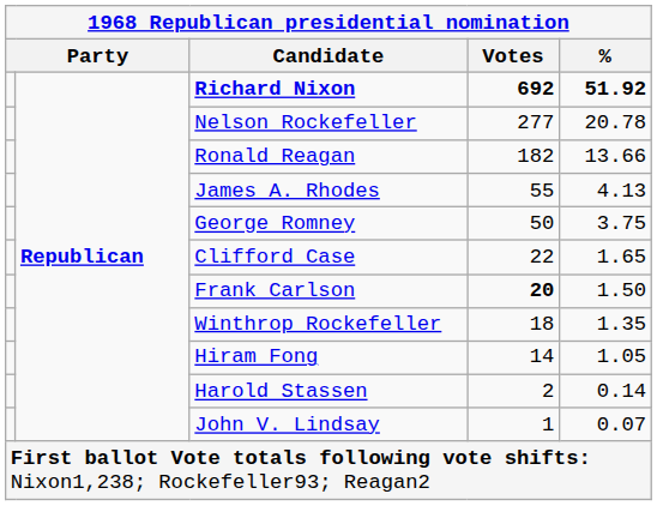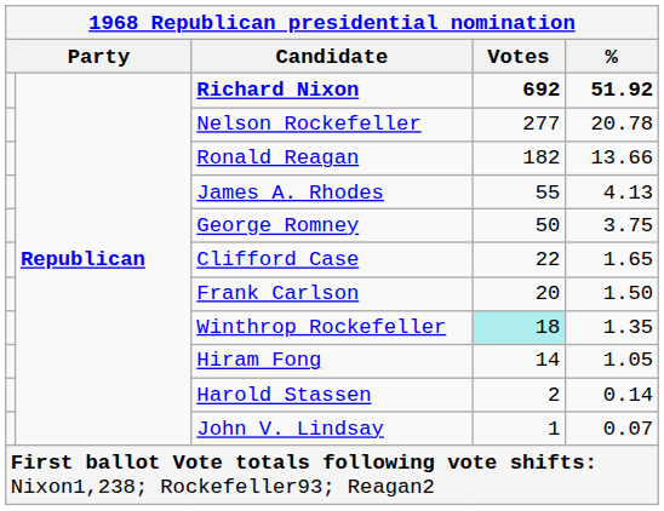 <table class="wikitable">
 <tr>
 <th colspan=5 style="background:#f5f5f5"><a href='#'>1968 Republican presidential nomination</a></th>
 </tr>
 <tr>
 <th style="width: 8em;" colspan=2>Party</th>
 <th>Candidate</th>
 <th>Votes</th>
 <th>%</th>
 </tr>
 <tr>
 <td style="background-color: "></td>
 <td style="width: 8em;" rowspan=11><strong><a href='#'>Republican</a></strong></td>
 <td style="width: 13em;"><strong><a href='#'>Richard Nixon</a></strong></td>
 <td style="width: 4em; text-align:right"><strong>692</strong></td>
 <td style="width: 4em; text-align:right"><strong>51.92</strong></td>
 </tr>
 <tr>
 <td style="background-color: "></td>
 <td><a href='#'>Nelson Rockefeller</a></td>
 <td style="text-align:right">277</td>
 <td style="text-align:right">20.78</td>
 </tr>
 <tr>
 <td style="background-color: "></td>
 <td><a href='#'>Ronald Reagan</a></td>
 <td style="text-align:right">182</td>
 <td style="text-align:right">13.66</td>
 </tr>
 <tr>
 <td style="background-color: "></td>
 <td><a href='#'>James A. Rhodes</a></td>
 <td style="text-align:right">55</td>
 <td style="text-align:right">4.13</td>
 </tr>
 <tr>
 <td style="background-color: "></td>
 <td><a href='#'>George Romney</a></td>
 <td style="text-align:right">50</td>
 <td style="text-align:right">3.75</td>
 </tr>
 <tr>
 <td style="background-color: "></td>
 <td><a href='#'>Clifford Case</a></td>
 <td style="text-align:right">22</td>
 <td style="text-align:right">1.65</td>
 </tr>
 <tr>
 <td style="background-color: "></td>
 <td><a href='#'>Frank Carlson</a></td>
-<td style="text-align:right"><strong>20</strong></td>
+<td style="text-align:right">20</td>
 <td style="text-align:right">1.50</td>
 </tr>
 <tr>
 <td style="background-color: "></td>
 <td><a href='#'>Winthrop Rockefeller</a></td>
-<td style="text-align:right">18</td>
+<td style="background: paleturquoise; text-align:right">18</td>
 <td style="text-align:right">1.35</td>
 </tr>
 <tr>
 <td style="background-color: "></td>
 <td><a href='#'>Hiram Fong</a></td>
 <td style="text-align:right">14</td>
 <td style="text-align:right">1.05</td>
 </tr>
 <tr>
 <td style="background-color: "></td>
 <td><a href='#'>Harold Stassen</a></td>
 <td style="text-align:right">2</td>
 <td style="text-align:right">0.14</td>
 </tr>
 <tr>
 <td style="background-color: "></td>
 <td><a href='#'>John V. Lindsay</a></td>
 <td style="text-align:right">1</td>
 <td style="text-align:right">0.07</td>
 </tr>
 <tr>
 <td colspan=5 style="background:#f5f5f5"><strong>First ballot Vote totals following vote shifts:</strong><br>Nixon1,238; Rockefeller93; Reagan2</td>
 </tr>
 </table>
